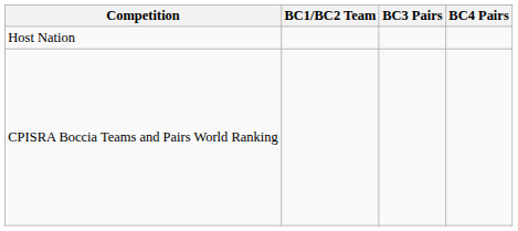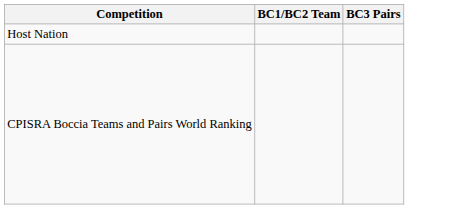 <table class="wikitable">
 <tr>
 <th>Competition</th>
 <th>BC1/BC2 Team</th>
 <th>BC3 Pairs</th>
-<th>BC4 Pairs</th>
 </tr>
 <tr>
 <td>Host Nation</td>
-<td></td>
 <td></td>
 <td></td>
 </tr>
 <tr>
 <td>CPISRA Boccia Teams and Pairs World Ranking</td>
 <td><br><br><br> <br> <br> <br> <br> <br> <br> <br> <br> </td>
 <td><br><br><br> <br> <br> <br> <br> <br></td>
-<td><br><br><br> <br> <br> <br> <br> <br></td>
 </tr>
 </table>
